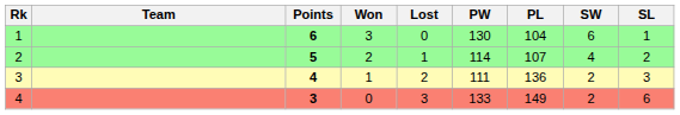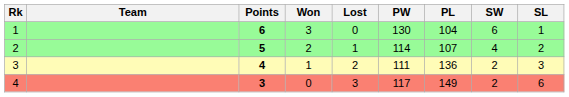 <table class=wikitable style=text-align:center>
 <tr>
 <th width=25>Rk</th>
 <th width=300>Team</th>
 <th width=60>Points</th>
 <th width=60>Won</th>
 <th width=60>Lost</th>
 <th width=60>PW</th>
 <th width=60>PL</th>
 <th width=60>SW</th>
 <th width=60>SL</th>
 </tr>
 <tr style="background: #98fb98">
 <td>1</td>
 <td align=left></td>
 <td><strong>6</strong></td>
 <td>3</td>
 <td>0</td>
 <td>130</td>
 <td>104</td>
 <td>6</td>
 <td>1</td>
 </tr>
 <tr style="background: #98fb98">
 <td>2</td>
 <td align=left></td>
 <td><strong>5</strong></td>
 <td>2</td>
 <td>1</td>
 <td>114</td>
 <td>107</td>
 <td>4</td>
 <td>2</td>
 </tr>
 <tr style="background: #fffcb7">
 <td>3</td>
 <td align=left></td>
 <td><strong>4</strong></td>
 <td>1</td>
 <td>2</td>
 <td>111</td>
 <td>136</td>
 <td>2</td>
 <td>3</td>
 </tr>
 <tr style="background: salmon">
 <td>4</td>
 <td align=left></td>
 <td><strong>3</strong></td>
 <td>0</td>
 <td>3</td>
-<td>133</td>
+<td>117</td>
 <td>149</td>
 <td>2</td>
 <td>6</td>
 </tr>
 </table>
